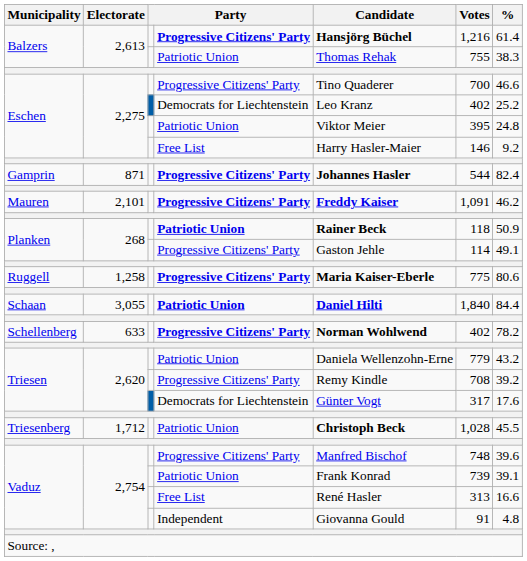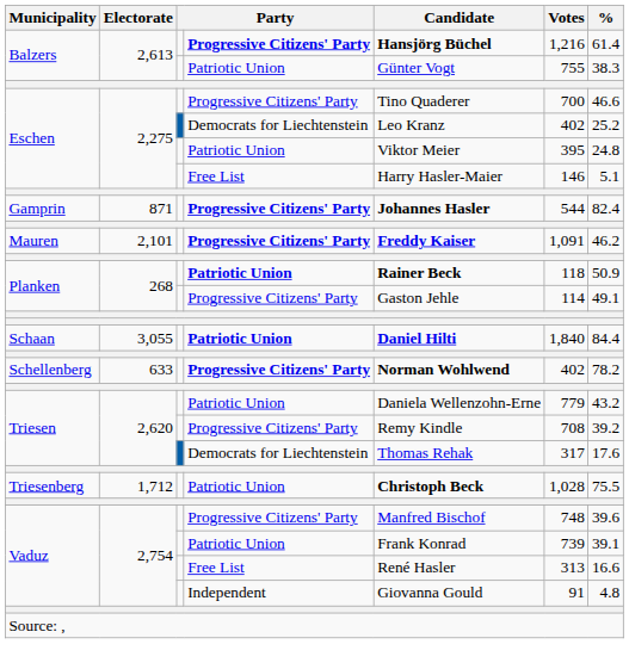 <table class="wikitable" style="text-align:right">
 <tr>
 <th>Municipality</th>
 <th>Electorate</th>
 <th colspan="2">Party</th>
 <th>Candidate</th>
 <th>Votes</th>
 <th>%</th>
 </tr>
 <tr>
 <td rowspan="2" align=left><a href='#'>Balzers</a></td>
 <td rowspan="2">2,613</td>
 <td></td>
 <td align="left"><strong><a href='#'>Progressive Citizens' Party</a></strong></td>
 <td align="left"><strong>Hansjörg Büchel</strong></td>
 <td>1,216</td>
 <td>61.4</td>
 </tr>
 <tr>
 <td style="color:inherit;background:"></td>
 <td align="left"><a href='#'>Patriotic Union</a></td>
-<td align=left><a href='#'>Thomas Rehak</a></td>
+<td align="left"><a href='#'>Günter Vogt</a></td>
 <td>755</td>
 <td>38.3</td>
 </tr>
 <tr>
 <th colspan="7"></th>
 </tr>
 <tr>
 <td rowspan="4" align=left><a href='#'>Eschen</a></td>
 <td rowspan="4">2,275</td>
 <td style="color:inherit;background:"></td>
 <td align="left"><a href='#'>Progressive Citizens' Party</a></td>
 <td align="left">Tino Quaderer</td>
 <td>700</td>
 <td>46.6</td>
 </tr>
 <tr>
 <td style="color:inherit;background:#005EA8"></td>
 <td align=left>Democrats for Liechtenstein</td>
 <td align=left>Leo Kranz</td>
 <td>402</td>
 <td>25.2</td>
 </tr>
 <tr>
 <td style="color:inherit;background:"></td>
 <td align="left"><a href='#'>Patriotic Union</a></td>
 <td align="left">Viktor Meier</td>
 <td>395</td>
 <td>24.8</td>
 </tr>
 <tr>
 <td style="color:inherit;background:"></td>
 <td align=left><a href='#'>Free List</a></td>
 <td align=left>Harry Hasler-Maier</td>
 <td>146</td>
-<td>9.2</td>
+<td>5.1</td>
 </tr>
 <tr>
 <th colspan="7"></th>
 </tr>
 <tr>
 <td align=left><a href='#'>Gamprin</a></td>
 <td>871</td>
 <td style="color:inherit;background:"></td>
 <td align="left"><strong><a href='#'>Progressive Citizens' Party</a></strong></td>
 <td align="left"><strong>Johannes Hasler</strong></td>
 <td>544</td>
 <td>82.4</td>
 </tr>
 <tr>
 <th colspan="7"></th>
 </tr>
 <tr>
 <td align="left"><a href='#'>Mauren</a></td>
 <td>2,101</td>
 <td style="color:inherit;background:"></td>
 <td align="left"><strong><a href='#'>Progressive Citizens' Party</a></strong></td>
 <td align="left"><strong><a href='#'>Freddy Kaiser</a></strong></td>
 <td>1,091</td>
 <td>46.2</td>
 </tr>
 <tr>
 <th colspan="7"></th>
 </tr>
 <tr>
 <td rowspan="2" align="left"><a href='#'>Planken</a></td>
 <td rowspan="2">268</td>
 <td style="color:inherit;background:"></td>
 <td align="left"><a href='#'><strong>Patriotic Union</strong></a></td>
 <td align="left"><strong>Rainer Beck</strong></td>
 <td>118</td>
 <td>50.9</td>
 </tr>
 <tr>
 <td style="color:inherit;background:"></td>
 <td align=left><a href='#'>Progressive Citizens' Party</a></td>
 <td align=left>Gaston Jehle</td>
 <td>114</td>
 <td>49.1</td>
 </tr>
 <tr>
 <th colspan="7"></th>
 </tr>
 <tr>
-<td align="left"><a href='#'>Ruggell</a></td>
-<td>1,258</td>
-<td style="color:inherit;background:"></td>
-<td align="left"><strong><a href='#'>Progressive Citizens' Party</a></strong></td>
-<td align="left"><strong>Maria Kaiser-Eberle</strong></td>
-<td>775</td>
-<td>80.6</td>
-</tr>
-<tr>
 <th colspan="7"></th>
 </tr>
 <tr>
 <td align="left"><a href='#'>Schaan</a></td>
 <td>3,055</td>
 <td style="color:inherit;background:"></td>
 <td align="left"><a href='#'><strong>Patriotic Union</strong></a></td>
 <td align="left"><strong><a href='#'>Daniel Hilti</a></strong></td>
 <td>1,840</td>
 <td>84.4</td>
 </tr>
 <tr>
 <th colspan="7"></th>
 </tr>
 <tr>
 <td align="left"><a href='#'>Schellenberg</a></td>
 <td>633</td>
 <td style="color:inherit;background:"></td>
 <td align="left"><strong><a href='#'>Progressive Citizens' Party</a></strong></td>
 <td align="left"><strong>Norman Wohlwend</strong></td>
 <td>402</td>
 <td>78.2</td>
 </tr>
 <tr>
 <th colspan="7"></th>
 </tr>
 <tr>
 <td rowspan="3" align=left><a href='#'>Triesen</a></td>
 <td rowspan="3">2,620</td>
 <td style="color:inherit;background:"></td>
 <td align="left"><a href='#'>Patriotic Union</a></td>
 <td align="left">Daniela Wellenzohn-Erne</td>
 <td>779</td>
 <td>43.2</td>
 </tr>
 <tr>
 <td style="color:inherit;background:"></td>
 <td align="left"><a href='#'>Progressive Citizens' Party</a></td>
 <td align="left">Remy Kindle</td>
 <td>708</td>
 <td>39.2</td>
 </tr>
 <tr>
 <td style="color:inherit;background:#005EA8"></td>
 <td align=left>Democrats for Liechtenstein</td>
-<td align="left"><a href='#'>Günter Vogt</a></td>
+<td align=left><a href='#'>Thomas Rehak</a></td>
 <td>317</td>
 <td>17.6</td>
 </tr>
 <tr>
 <th colspan="7"></th>
 </tr>
 <tr>
 <td align=left><a href='#'>Triesenberg</a></td>
 <td>1,712</td>
 <td style="color:inherit;background:"></td>
 <td align="left"><a href='#'>Patriotic Union</a></td>
 <td align="left"><strong>Christoph Beck</strong></td>
 <td>1,028</td>
-<td>45.5</td>
+<td>75.5</td>
 </tr>
 <tr>
 <th colspan="7"></th>
 </tr>
 <tr>
 <td rowspan="4" align="left"><a href='#'>Vaduz</a></td>
 <td rowspan="4">2,754</td>
 <td style="color:inherit;background:"></td>
 <td align="left"><a href='#'>Progressive Citizens' Party</a></td>
 <td align="left"><a href='#'>Manfred Bischof</a></td>
 <td>748</td>
 <td>39.6</td>
 </tr>
 <tr>
 <td style="color:inherit;background:"></td>
 <td align="left"><a href='#'>Patriotic Union</a></td>
 <td align="left">Frank Konrad</td>
 <td>739</td>
 <td>39.1</td>
 </tr>
 <tr>
 <td style="color:inherit;background:"></td>
 <td align=left><a href='#'>Free List</a></td>
 <td align=left>René Hasler</td>
 <td>313</td>
 <td>16.6</td>
 </tr>
 <tr>
 <td style="color:inherit;background:"></td>
 <td align=left>Independent</td>
 <td align=left>Giovanna Gould</td>
 <td>91</td>
 <td>4.8</td>
 </tr>
 <tr>
 <th colspan="7"></th>
 </tr>
 <tr>
 <td colspan="7" align="left">Source: , </td>
 </tr>
 </table>
